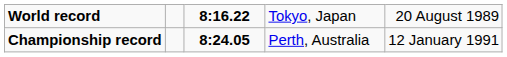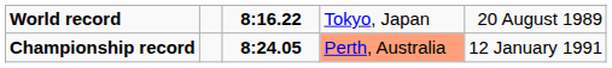 <table class="wikitable">
 <tr>
 <td><strong>World record</strong></td>
 <td style="padding-right:1em"></td>
 <td style="text-align:center;padding-left:1em; padding-right:1em;"><strong>8:16.22</strong></td>
 <td style="padding-right:1em"><a href='#'>Tokyo</a>, Japan</td>
 <td align=right>20 August 1989</td>
 </tr>
 <tr>
 <td><strong>Championship record</strong></td>
 <td style="padding-right:1em"></td>
 <td style="text-align:center;padding-left:1em; padding-right:1em;"><strong>8:24.05</strong></td>
-<td style="padding-right:1em"><a href='#'>Perth</a>, Australia</td>
+<td style="background: lightsalmon; padding-right:1em"><a href='#'>Perth</a>, Australia</td>
 <td align=right>12 January 1991</td>
 </tr>
 </table>
